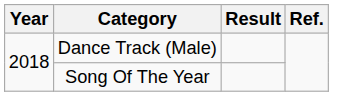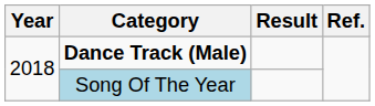 <table class="wikitable" style="text-align:center">
 <tr>
 <th>Year</th>
 <th>Category</th>
 <th>Result</th>
 <th>Ref.</th>
 </tr>
 <tr>
 <td rowspan=2>2018</td>
-<td>Dance Track (Male)</td>
+<td><strong>Dance Track (Male)</strong></td>
 <td></td>
 <td rowspan=2></td>
 </tr>
 <tr>
-<td>Song Of The Year</td>
+<td style="background: lightblue;">Song Of The Year</td>
 <td></td>
 </tr>
 </table>
